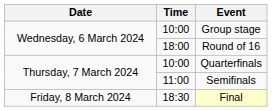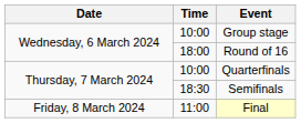 <table class = "wikitable" style="text-align:center;">
 <tr>
 <th width=220>Date</th>
 <th width=50>Time</th>
 <th width=100>Event</th>
 </tr>
 <tr>
 <td rowspan=2>Wednesday, 6 March 2024</td>
 <td>10:00</td>
 <td>Group stage</td>
 </tr>
 <tr>
 <td>18:00</td>
 <td>Round of 16</td>
 </tr>
 <tr>
 <td rowspan=2>Thursday, 7 March 2024</td>
 <td>10:00</td>
 <td>Quarterfinals</td>
 </tr>
 <tr>
-<td>11:00</td>
+<td>18:30</td>
 <td>Semifinals</td>
 </tr>
 <tr>
 <td>Friday, 8 March 2024</td>
-<td>18:30</td>
+<td>11:00</td>
 <td bgcolor=ffffcc>Final</td>
 </tr>
 </table>
